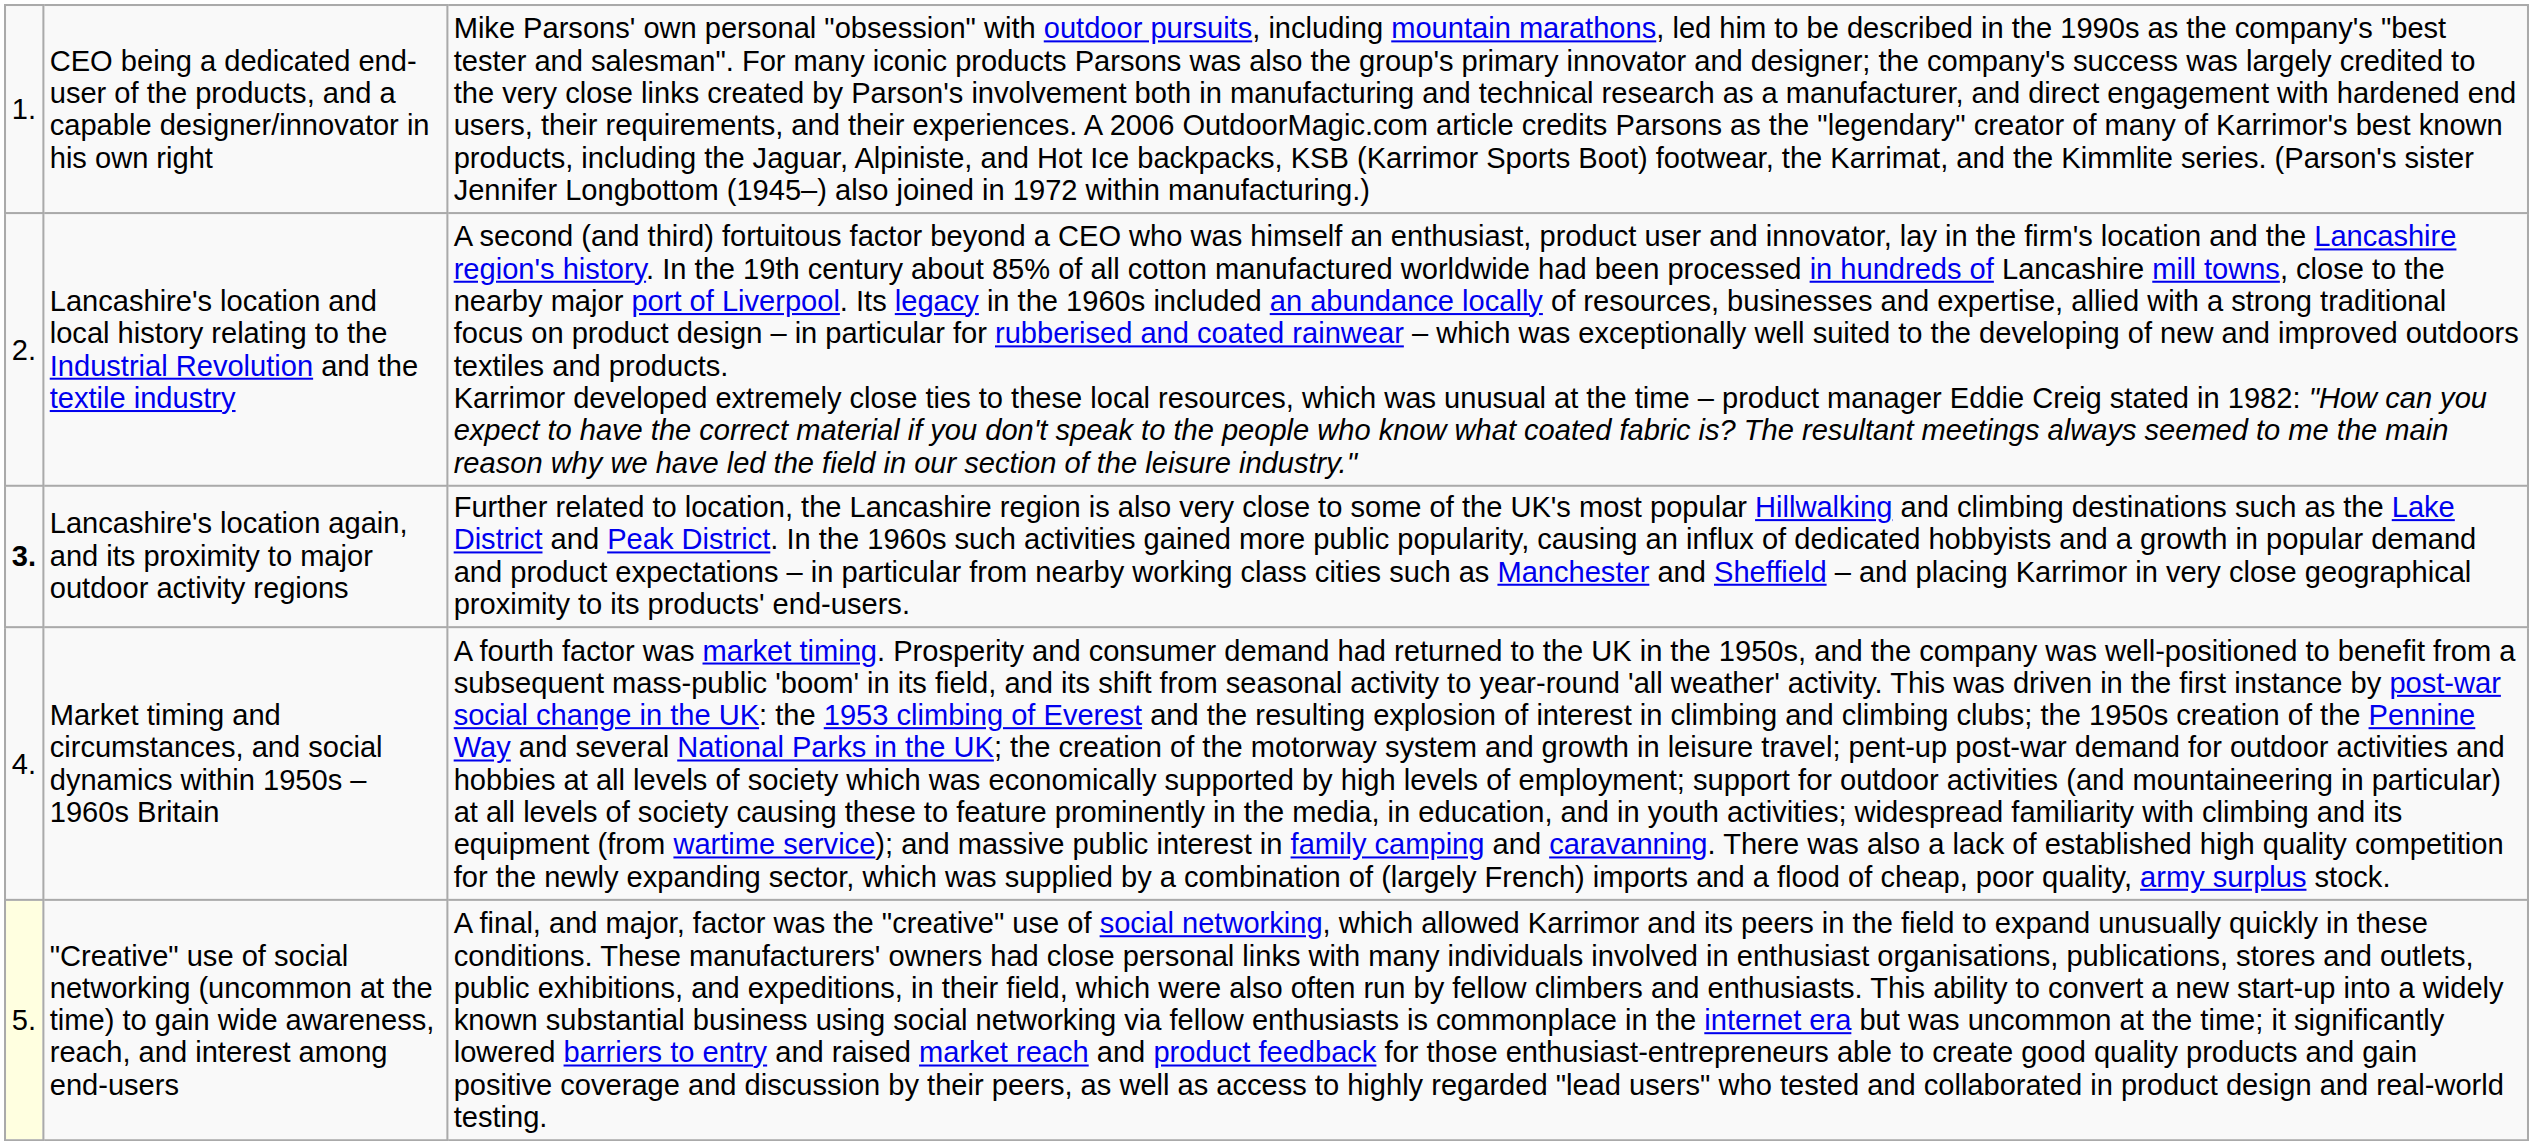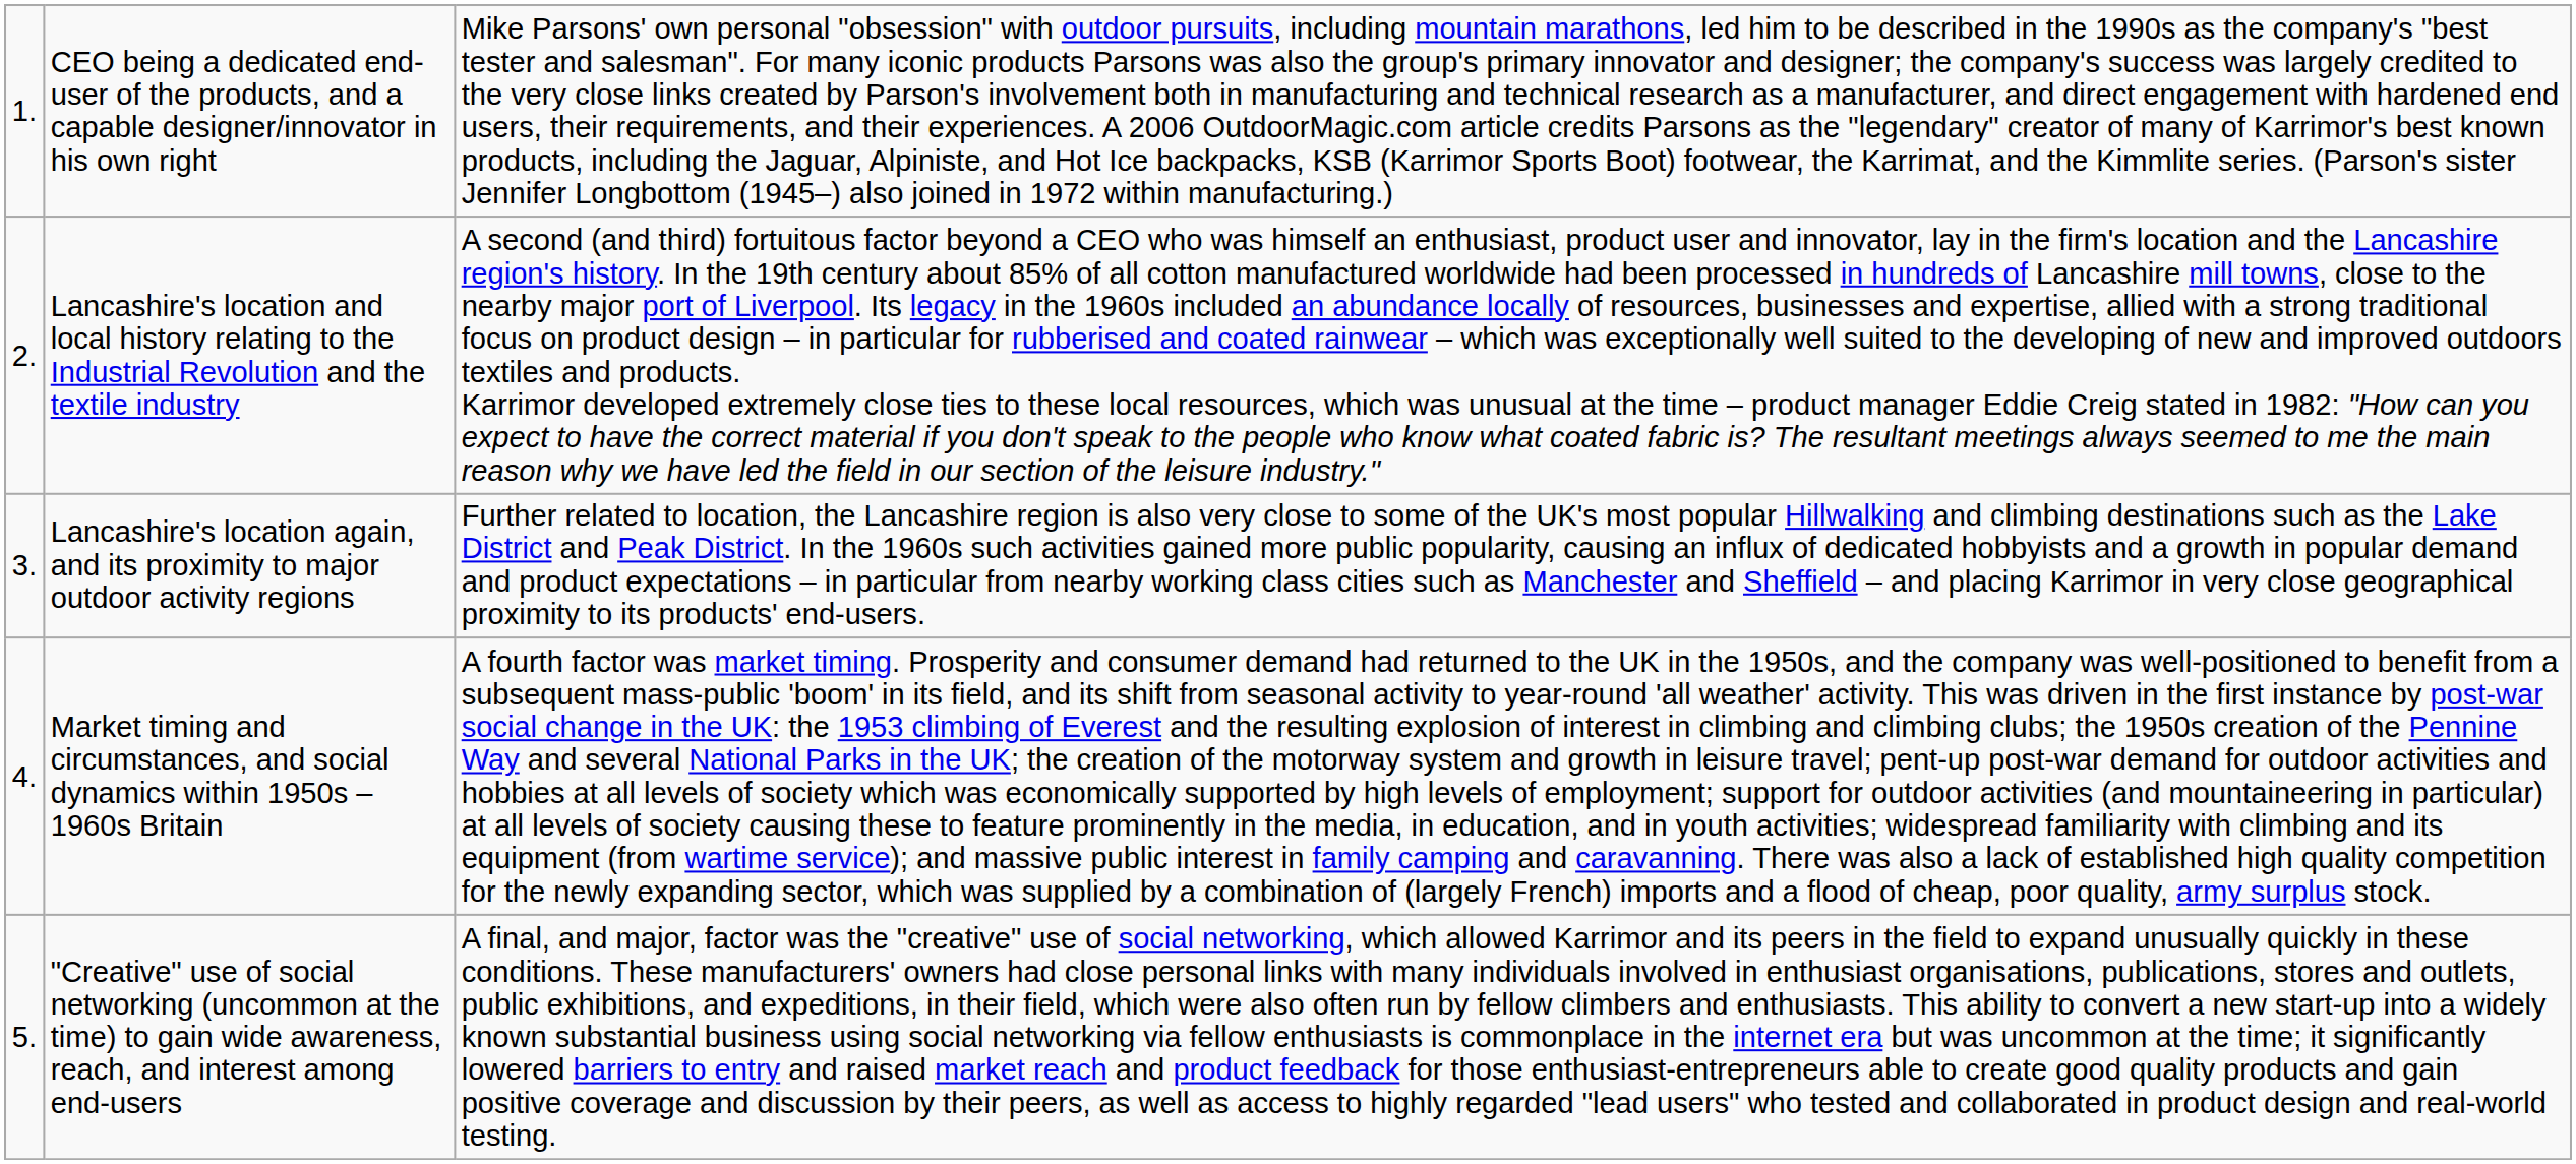 <table class=wikitable style="font-size:90%">
 <tr>
 <td>1.</td>
 <td>CEO being a dedicated end-user of the products, and a capable designer/innovator in his own right</td>
 <td>Mike Parsons' own personal "obsession" with <a href='#'>outdoor pursuits</a>, including <a href='#'>mountain marathons</a>, led him to be described in the 1990s as the company's "best tester and salesman". For many iconic products Parsons was also the group's primary innovator and designer; the company's success was largely credited to the very close links created by Parson's involvement both in manufacturing and technical research as a manufacturer, and direct engagement with hardened end users, their requirements, and their experiences. A 2006 OutdoorMagic.com article credits Parsons as the "legendary" creator of many of Karrimor's best known products, including the Jaguar, Alpiniste, and Hot Ice backpacks, KSB (Karrimor Sports Boot) footwear, the Karrimat, and the Kimmlite series. (Parson's sister Jennifer Longbottom (1945–) also joined in 1972 within manufacturing.)</td>
 </tr>
 <tr>
 <td>2.</td>
 <td>Lancashire's location and local history relating to the <a href='#'>Industrial Revolution</a> and the <a href='#'>textile industry</a></td>
 <td>A second (and third) fortuitous factor beyond a CEO who was himself an enthusiast, product user and innovator, lay in the firm's location and the <a href='#'>Lancashire region's history</a>. In the 19th century about 85% of all cotton manufactured worldwide had been processed <a href='#'>in hundreds of</a> Lancashire <a href='#'>mill towns</a>, close to the nearby major <a href='#'>port of Liverpool</a>. Its <a href='#'>legacy</a> in the 1960s included <a href='#'>an abundance locally</a> of resources, businesses and expertise, allied with a strong traditional focus on product design – in particular for <a href='#'>rubberised and coated rainwear</a> – which was exceptionally well suited to the developing of new and improved outdoors textiles and products.<br>Karrimor developed extremely close ties to these local resources, which was unusual at the time – product manager Eddie Creig stated in 1982: <em>"How can you expect to have the correct material if you don't speak to the people who know what coated fabric is? The resultant meetings always seemed to me the main reason why we have led the field in our section of the leisure industry."</em></td>
 </tr>
 <tr>
-<td><strong>3.</strong></td>
+<td>3.</td>
 <td>Lancashire's location again, and its proximity to major outdoor activity regions</td>
 <td>Further related to location, the Lancashire region is also very close to some of the UK's most popular <a href='#'>Hillwalking</a> and climbing destinations such as the <a href='#'>Lake District</a> and <a href='#'>Peak District</a>. In the 1960s such activities gained more public popularity, causing an influx of dedicated hobbyists and a growth in popular demand and product expectations – in particular from nearby working class cities such as <a href='#'>Manchester</a> and <a href='#'>Sheffield</a> – and placing Karrimor in very close geographical proximity to its products' end-users.</td>
 </tr>
 <tr>
 <td>4.</td>
 <td>Market timing and circumstances, and social dynamics within 1950s – 1960s Britain</td>
 <td>A fourth factor was <a href='#'>market timing</a>. Prosperity and consumer demand had returned to the UK in the 1950s, and the company was well-positioned to benefit from a subsequent mass-public 'boom' in its field, and its shift from seasonal activity to year-round 'all weather' activity. This was driven in the first instance by <a href='#'>post-war social change in the UK</a>: the <a href='#'>1953 climbing of Everest</a> and the resulting explosion of interest in climbing and climbing clubs; the 1950s creation of the <a href='#'>Pennine Way</a> and several <a href='#'>National Parks in the UK</a>; the creation of the motorway system and growth in leisure travel; pent-up post-war demand for outdoor activities and hobbies at all levels of society which was economically supported by high levels of employment; support for outdoor activities (and mountaineering in particular) at all levels of society causing these to feature prominently in the media, in education, and in youth activities; widespread familiarity with climbing and its equipment (from <a href='#'>wartime service</a>); and massive public interest in <a href='#'>family camping</a> and <a href='#'>caravanning</a>. There was also a lack of established high quality competition for the newly expanding sector, which was supplied by a combination of (largely French) imports and a flood of cheap, poor quality, <a href='#'>army surplus</a> stock.</td>
 </tr>
 <tr>
-<td style="background: lightyellow;">5.</td>
+<td>5.</td>
 <td>"Creative" use of social networking (uncommon at the time) to gain wide awareness, reach, and interest among end-users</td>
 <td>A final, and major, factor was the "creative" use of <a href='#'>social networking</a>, which allowed Karrimor and its peers in the field to expand unusually quickly in these conditions. These manufacturers' owners had close personal links with many individuals involved in enthusiast organisations, publications, stores and outlets, public exhibitions, and expeditions, in their field, which were also often run by fellow climbers and enthusiasts. This ability to convert a new start-up into a widely known substantial business using social networking via fellow enthusiasts is commonplace in the <a href='#'>internet era</a> but was uncommon at the time; it significantly lowered <a href='#'>barriers to entry</a> and raised <a href='#'>market reach</a> and <a href='#'>product feedback</a> for those enthusiast-entrepreneurs able to create good quality products and gain positive coverage and discussion by their peers, as well as access to highly regarded "lead users" who tested and collaborated in product design and real-world testing.</td>
 </tr>
 </table>
